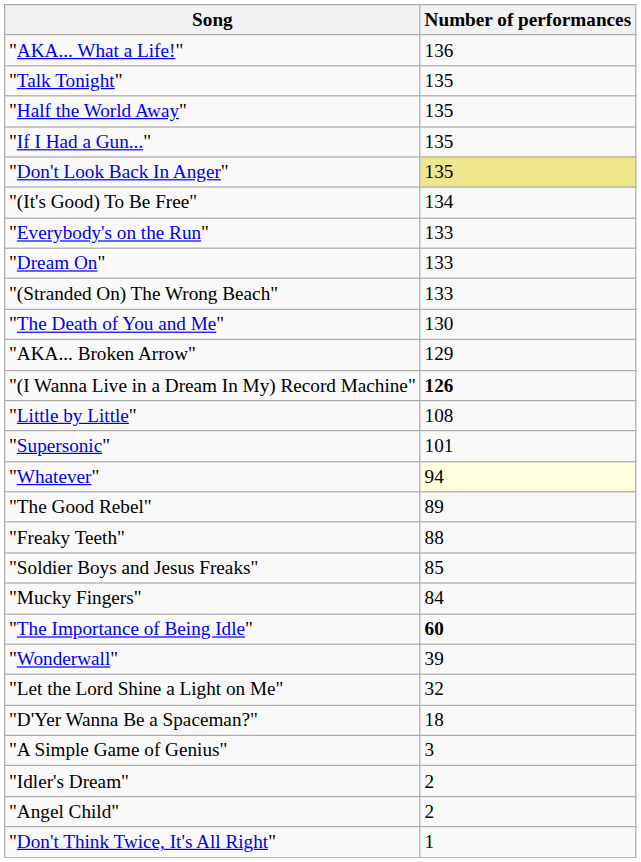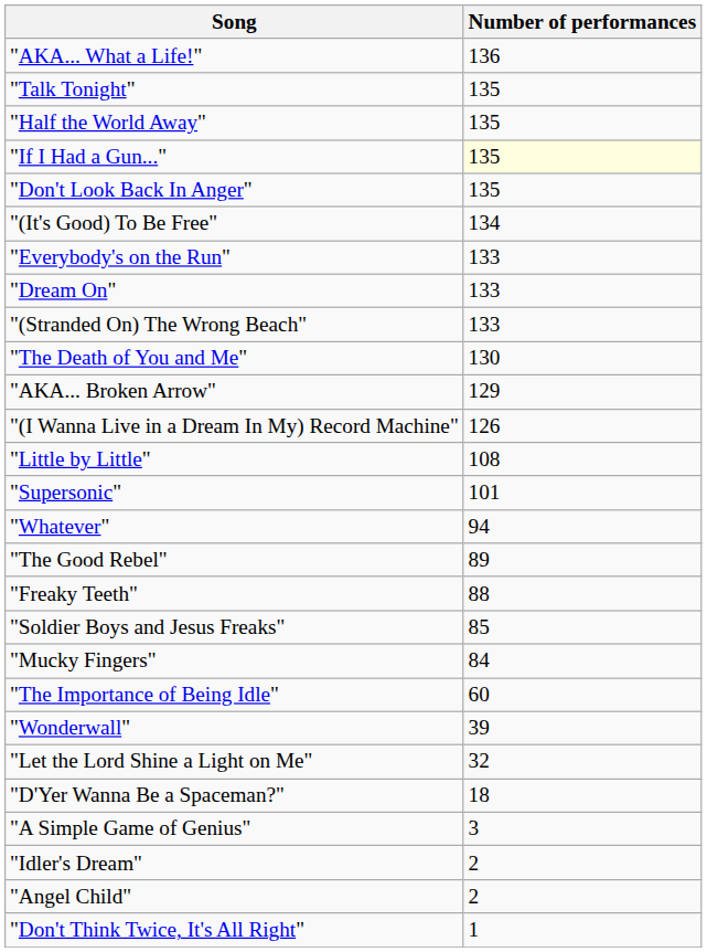 <table class="wikitable sortable">
 <tr>
 <th>Song</th>
 <th>Number of performances</th>
 </tr>
 <tr>
 <td>"<a href='#'>AKA... What a Life!</a>"</td>
 <td>136</td>
 </tr>
 <tr>
 <td>"<a href='#'>Talk Tonight</a>"</td>
 <td>135</td>
 </tr>
 <tr>
 <td>"<a href='#'>Half the World Away</a>"</td>
 <td>135</td>
 </tr>
 <tr>
 <td>"<a href='#'>If I Had a Gun...</a>"</td>
-<td>135</td>
+<td style="background: lightyellow;">135</td>
 </tr>
 <tr>
 <td>"<a href='#'>Don't Look Back In Anger</a>"</td>
-<td style="background: khaki;">135</td>
+<td>135</td>
 </tr>
 <tr>
 <td>"(It's Good) To Be Free"</td>
 <td>134</td>
 </tr>
 <tr>
 <td>"<a href='#'>Everybody's on the Run</a>"</td>
 <td>133</td>
 </tr>
 <tr>
 <td>"<a href='#'>Dream On</a>"</td>
 <td>133</td>
 </tr>
 <tr>
 <td>"(Stranded On) The Wrong Beach"</td>
 <td>133</td>
 </tr>
 <tr>
 <td>"<a href='#'>The Death of You and Me</a>"</td>
 <td>130</td>
 </tr>
 <tr>
 <td>"AKA... Broken Arrow"</td>
 <td>129</td>
 </tr>
 <tr>
 <td>"(I Wanna Live in a Dream In My) Record Machine"</td>
-<td><strong>126</strong></td>
+<td>126</td>
 </tr>
 <tr>
 <td>"<a href='#'>Little by Little</a>"</td>
 <td>108</td>
 </tr>
 <tr>
 <td>"<a href='#'>Supersonic</a>"</td>
 <td>101</td>
 </tr>
 <tr>
 <td>"<a href='#'>Whatever</a>"</td>
-<td style="background: lightyellow;">94</td>
+<td>94</td>
 </tr>
 <tr>
 <td>"The Good Rebel"</td>
 <td>89</td>
 </tr>
 <tr>
 <td>"Freaky Teeth"</td>
 <td>88</td>
 </tr>
 <tr>
 <td>"Soldier Boys and Jesus Freaks"</td>
 <td>85</td>
 </tr>
 <tr>
 <td>"Mucky Fingers"</td>
 <td>84</td>
 </tr>
 <tr>
 <td>"<a href='#'>The Importance of Being Idle</a>"</td>
-<td><strong>60</strong></td>
+<td>60</td>
 </tr>
 <tr>
 <td>"<a href='#'>Wonderwall</a>"</td>
 <td>39</td>
 </tr>
 <tr>
 <td>"Let the Lord Shine a Light on Me"</td>
 <td>32</td>
 </tr>
 <tr>
 <td>"D'Yer Wanna Be a Spaceman?"</td>
 <td>18</td>
 </tr>
 <tr>
 <td>"A Simple Game of Genius"</td>
 <td>3</td>
 </tr>
 <tr>
 <td>"Idler's Dream"</td>
 <td>2</td>
 </tr>
 <tr>
 <td>"Angel Child"</td>
 <td>2</td>
 </tr>
 <tr>
 <td>"<a href='#'>Don't Think Twice, It's All Right</a>"</td>
 <td>1</td>
 </tr>
 </table>
